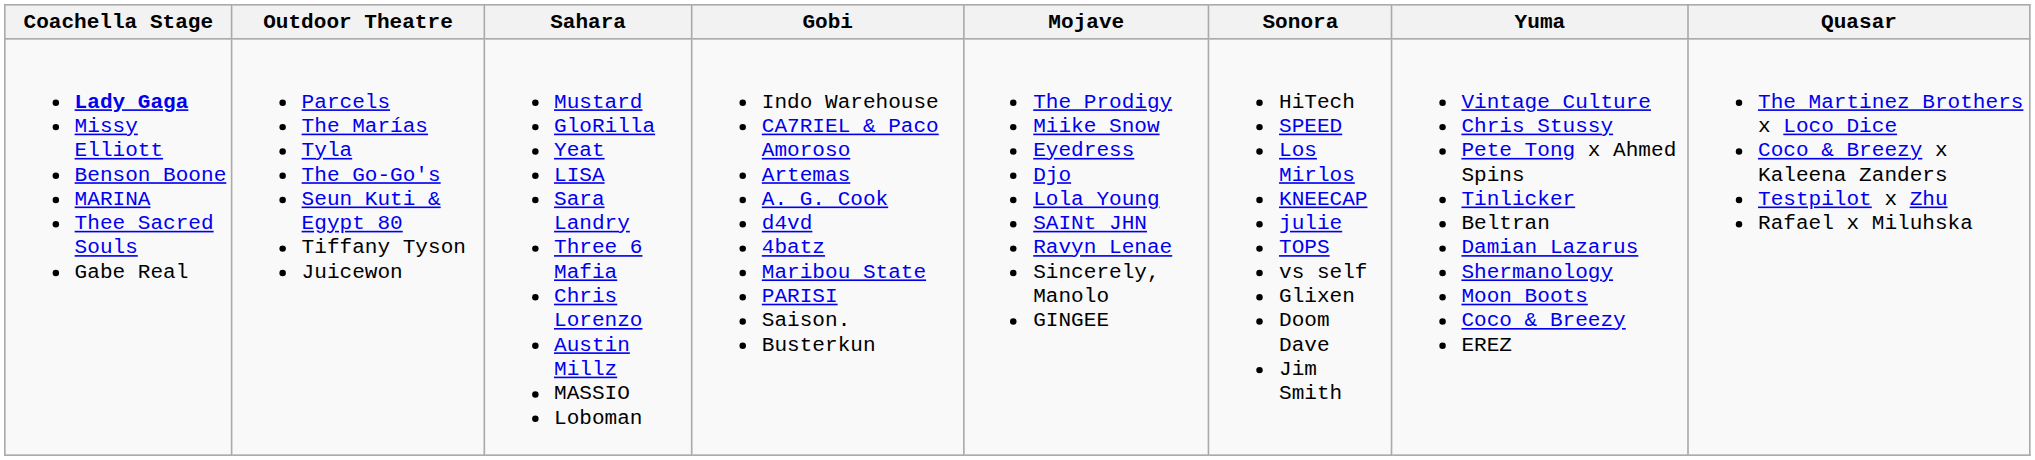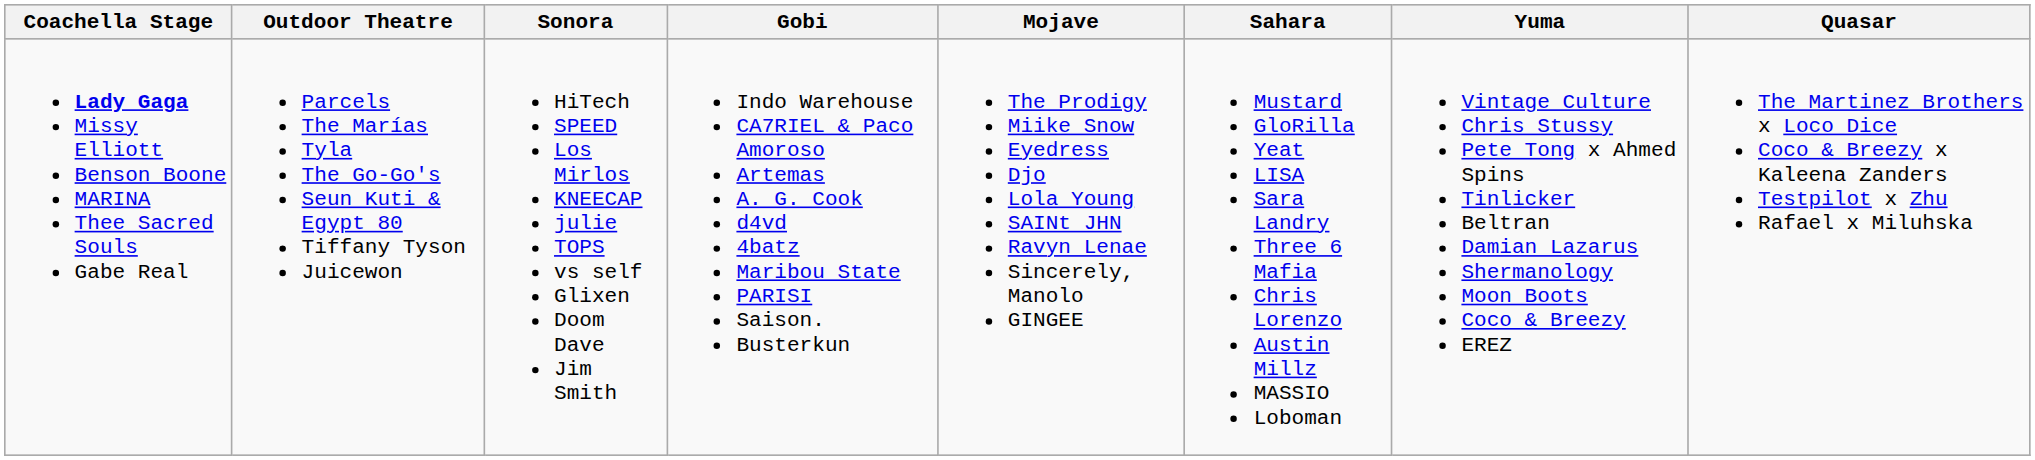 <table class="wikitable">
 <tr>
 <th>Coachella Stage</th>
 <th>Outdoor Theatre</th>
-<th>Sahara</th>
+<th>Sonora</th>
 <th>Gobi</th>
 <th>Mojave</th>
-<th>Sonora</th>
+<th>Sahara</th>
 <th>Yuma</th>
 <th>Quasar</th>
 </tr>
 <tr valign="top">
 <td><br><ul><li><strong><a href='#'>Lady Gaga</a></strong></li><li><a href='#'>Missy Elliott</a></li><li><a href='#'>Benson Boone</a></li><li><a href='#'>MARINA</a></li><li><a href='#'>Thee Sacred Souls</a></li><li>Gabe Real</li></ul></td>
 <td><br><ul><li><a href='#'>Parcels</a></li><li><a href='#'>The Marías</a></li><li><a href='#'>Tyla</a></li><li><a href='#'>The Go-Go's</a></li><li><a href='#'>Seun Kuti & Egypt 80</a></li><li>Tiffany Tyson </li><li>Juicewon </li></ul></td>
-<td><br><ul><li><a href='#'>Mustard</a></li><li><a href='#'>GloRilla</a></li><li><a href='#'>Yeat</a></li><li><a href='#'>LISA</a></li><li><a href='#'>Sara Landry</a></li><li><a href='#'>Three 6 Mafia</a></li><li><a href='#'>Chris Lorenzo</a></li><li><a href='#'>Austin Millz</a></li><li>MASSIO </li><li>Loboman </li></ul></td>
+<td><br><ul><li>HiTech</li><li><a href='#'>SPEED</a></li><li><a href='#'>Los Mirlos</a></li><li><a href='#'>KNEECAP</a></li><li><a href='#'>julie</a></li><li><a href='#'>TOPS</a></li><li>vs self</li><li>Glixen</li><li>Doom Dave </li><li>Jim Smith </li></ul></td>
 <td><br><ul><li>Indo Warehouse</li><li><a href='#'>CA7RIEL & Paco Amoroso</a></li><li><a href='#'>Artemas</a></li><li><a href='#'>A. G. Cook</a></li><li><a href='#'>d4vd</a></li><li><a href='#'>4batz</a></li><li><a href='#'>Maribou State</a></li><li><a href='#'>PARISI</a></li><li>Saison. </li><li>Busterkun </li></ul></td>
 <td><br><ul><li><a href='#'>The Prodigy</a></li><li><a href='#'>Miike Snow</a></li><li><a href='#'>Eyedress</a></li><li><a href='#'>Djo</a></li><li><a href='#'>Lola Young</a></li><li><a href='#'>SAINt JHN</a></li><li><a href='#'>Ravyn Lenae</a></li><li>Sincerely, Manolo </li><li>GINGEE </li></ul></td>
-<td><br><ul><li>HiTech</li><li><a href='#'>SPEED</a></li><li><a href='#'>Los Mirlos</a></li><li><a href='#'>KNEECAP</a></li><li><a href='#'>julie</a></li><li><a href='#'>TOPS</a></li><li>vs self</li><li>Glixen</li><li>Doom Dave </li><li>Jim Smith </li></ul></td>
+<td><br><ul><li><a href='#'>Mustard</a></li><li><a href='#'>GloRilla</a></li><li><a href='#'>Yeat</a></li><li><a href='#'>LISA</a></li><li><a href='#'>Sara Landry</a></li><li><a href='#'>Three 6 Mafia</a></li><li><a href='#'>Chris Lorenzo</a></li><li><a href='#'>Austin Millz</a></li><li>MASSIO </li><li>Loboman </li></ul></td>
 <td><br><ul><li><a href='#'>Vintage Culture</a></li><li><a href='#'>Chris Stussy</a></li><li><a href='#'>Pete Tong</a> x Ahmed Spins</li><li><a href='#'>Tinlicker</a></li><li>Beltran</li><li><a href='#'>Damian Lazarus</a></li><li><a href='#'>Shermanology</a></li><li><a href='#'>Moon Boots</a></li><li><a href='#'>Coco & Breezy</a></li><li>EREZ</li></ul></td>
 <td><br><ul><li><a href='#'>The Martinez Brothers</a> x <a href='#'>Loco Dice</a> </li><li><a href='#'>Coco & Breezy</a> x Kaleena Zanders </li><li><a href='#'>Testpilot</a> x <a href='#'>Zhu</a> </li><li>Rafael x Miluhska </li></ul></td>
 </tr>
 </table>
